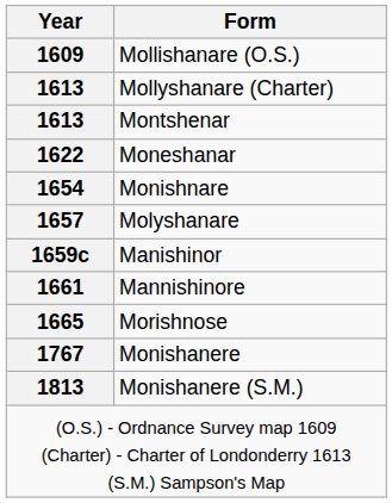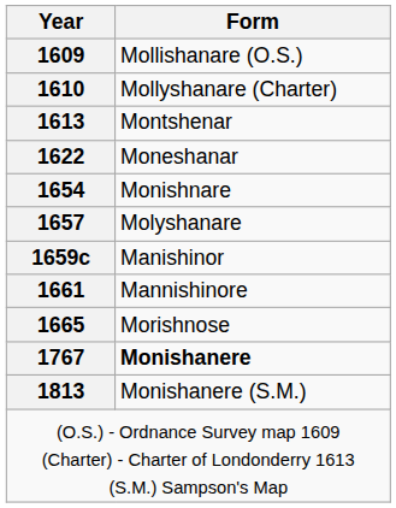 <table class="wikitable" style="margin:0 0 0 3em; border:1px solid darkgrey;">
 <tr>
 <th style="width:75px;">Year</th>
 <th style="width:200px;">Form</th>
 </tr>
 <tr>
 <th>1609</th>
 <td>Mollishanare (O.S.) </td>
 </tr>
 <tr>
-<th>1613</th>
+<th>1610</th>
 <td>Mollyshanare (Charter) </td>
 </tr>
 <tr>
 <th>1613</th>
 <td>Montshenar</td>
 </tr>
 <tr>
 <th>1622</th>
 <td>Moneshanar</td>
 </tr>
 <tr>
 <th>1654</th>
 <td>Monishnare</td>
 </tr>
 <tr>
 <th>1657</th>
 <td>Molyshanare</td>
 </tr>
 <tr>
 <th>1659c</th>
 <td>Manishinor</td>
 </tr>
 <tr>
 <th>1661</th>
 <td>Mannishinore</td>
 </tr>
 <tr>
 <th>1665</th>
 <td>Morishnose</td>
 </tr>
 <tr>
 <th>1767</th>
-<td>Monishanere</td>
+<td><strong>Monishanere</strong></td>
 </tr>
 <tr>
 <th>1813</th>
 <td>Monishanere (S.M.) </td>
 </tr>
 <tr>
 <td colspan="2" align="center"><sub>(O.S.) - Ordnance Survey map 1609<br>(Charter) - Charter of Londonderry 1613<br>(S.M.) Sampson's Map</sub></td>
 </tr>
 </table>
